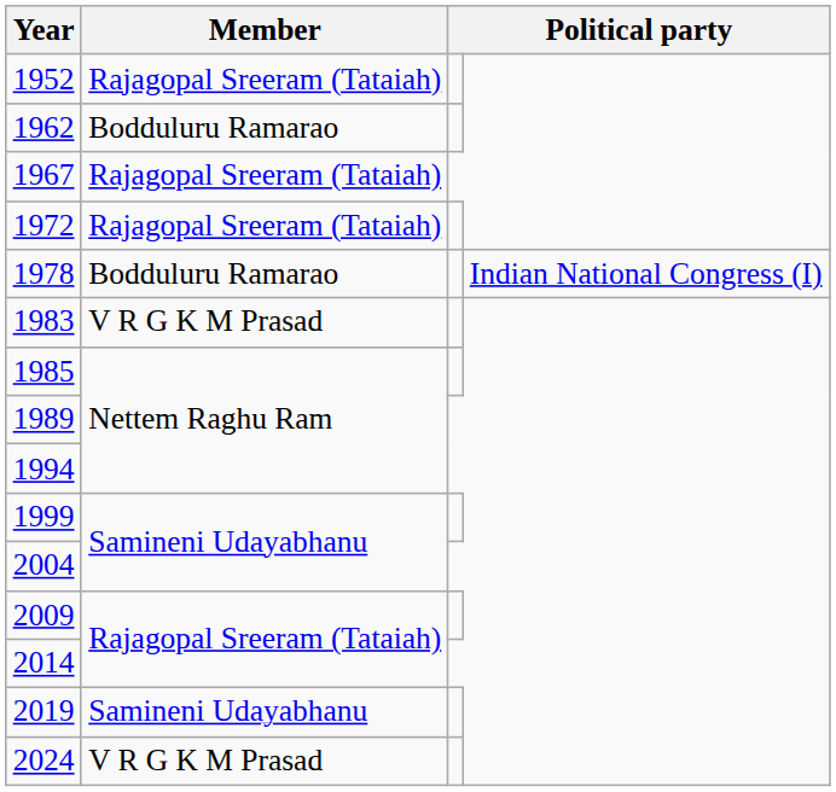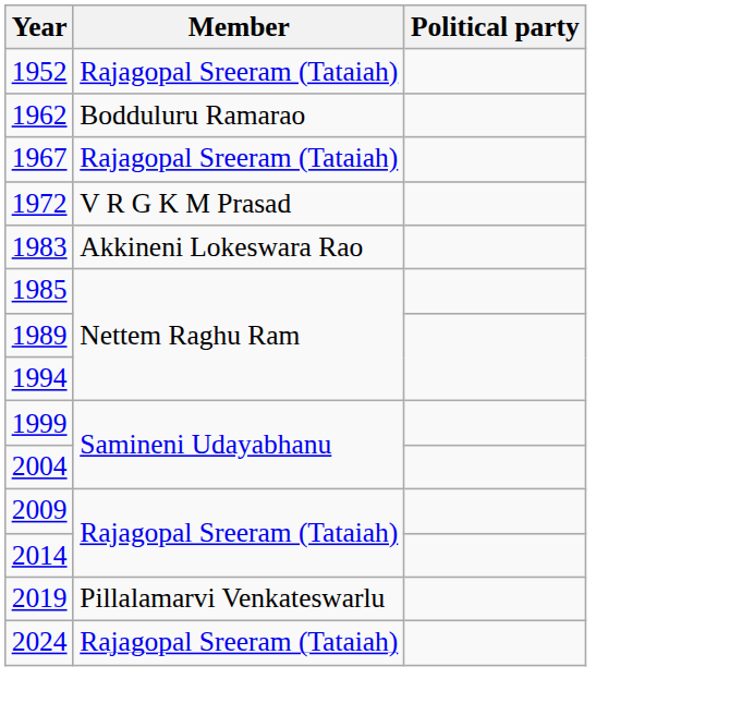 <table class="wikitable sortable">
 <tr>
 <th>Year</th>
 <th>Member</th>
 <th colspan="2">Political party</th>
 </tr>
 <tr>
 <td><a href='#'>1952</a></td>
 <td><a href='#'>Rajagopal Sreeram (Tataiah)</a></td>
 <td></td>
 </tr>
 <tr>
 <td><a href='#'>1962</a></td>
 <td>Bodduluru Ramarao</td>
 <td></td>
 </tr>
 <tr>
 <td><a href='#'>1967</a></td>
 <td><a href='#'>Rajagopal Sreeram (Tataiah)</a></td>
 </tr>
 <tr>
 <td><a href='#'>1972</a></td>
-<td><a href='#'>Rajagopal Sreeram (Tataiah)</a></td>
+<td>V R G K M Prasad</td>
 <td></td>
 </tr>
 <tr>
-<td><a href='#'>1978</a></td>
-<td>Bodduluru Ramarao</td>
-<td style="background-color: "></td>
-<td><a href='#'>Indian National Congress (I)</a></td>
-</tr>
-<tr>
 <td><a href='#'>1983</a></td>
-<td>V R G K M Prasad</td>
+<td>Akkineni Lokeswara Rao</td>
 <td></td>
 </tr>
 <tr>
 <td><a href='#'>1985</a></td>
 <td rowspan=3>Nettem Raghu Ram</td>
 <td></td>
 </tr>
 <tr>
 <td><a href='#'>1989</a></td>
 </tr>
 <tr>
 <td><a href='#'>1994</a></td>
 </tr>
 <tr>
 <td><a href='#'>1999</a></td>
 <td rowspan=2><a href='#'>Samineni Udayabhanu</a></td>
 <td></td>
 </tr>
 <tr>
 <td><a href='#'>2004</a></td>
 </tr>
 <tr>
 <td><a href='#'>2009</a></td>
 <td rowspan=2><a href='#'>Rajagopal Sreeram (Tataiah)</a></td>
 <td></td>
 </tr>
 <tr>
 <td><a href='#'>2014</a></td>
 </tr>
 <tr>
 <td><a href='#'>2019</a></td>
-<td><a href='#'>Samineni Udayabhanu</a></td>
+<td>Pillalamarvi Venkateswarlu</td>
 <td></td>
 </tr>
 <tr>
 <td><a href='#'>2024</a></td>
-<td>V R G K M Prasad</td>
+<td><a href='#'>Rajagopal Sreeram (Tataiah)</a></td>
 <td></td>
 </tr>
 </table>
